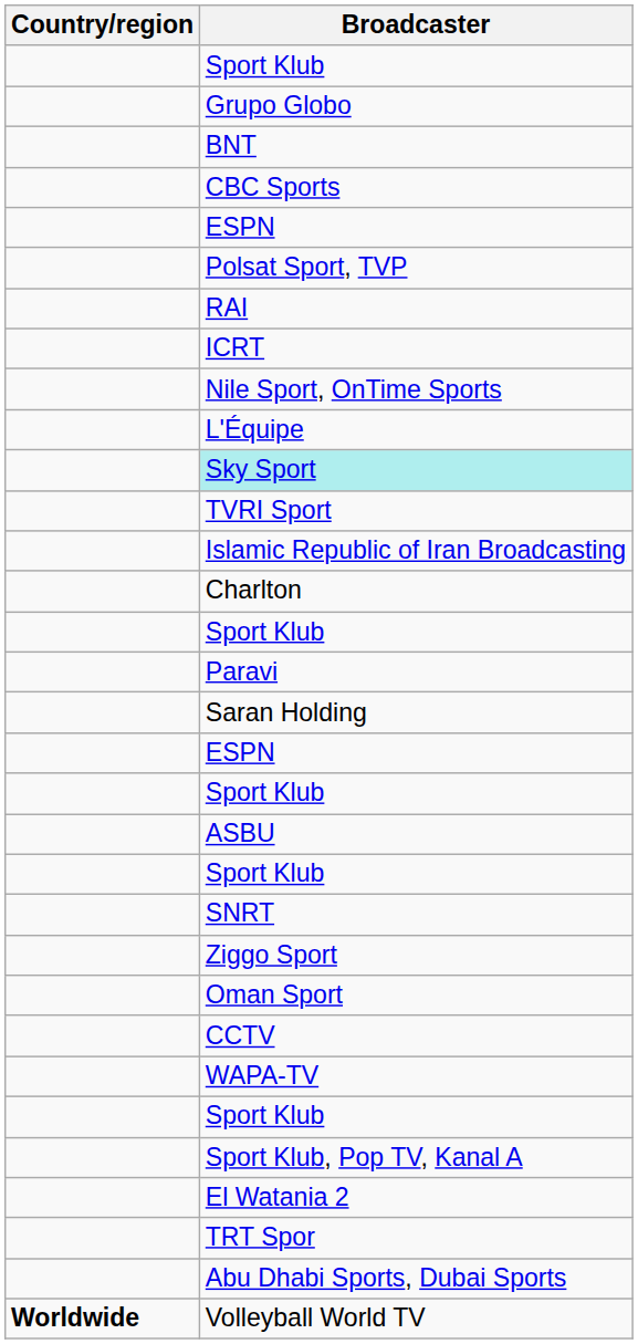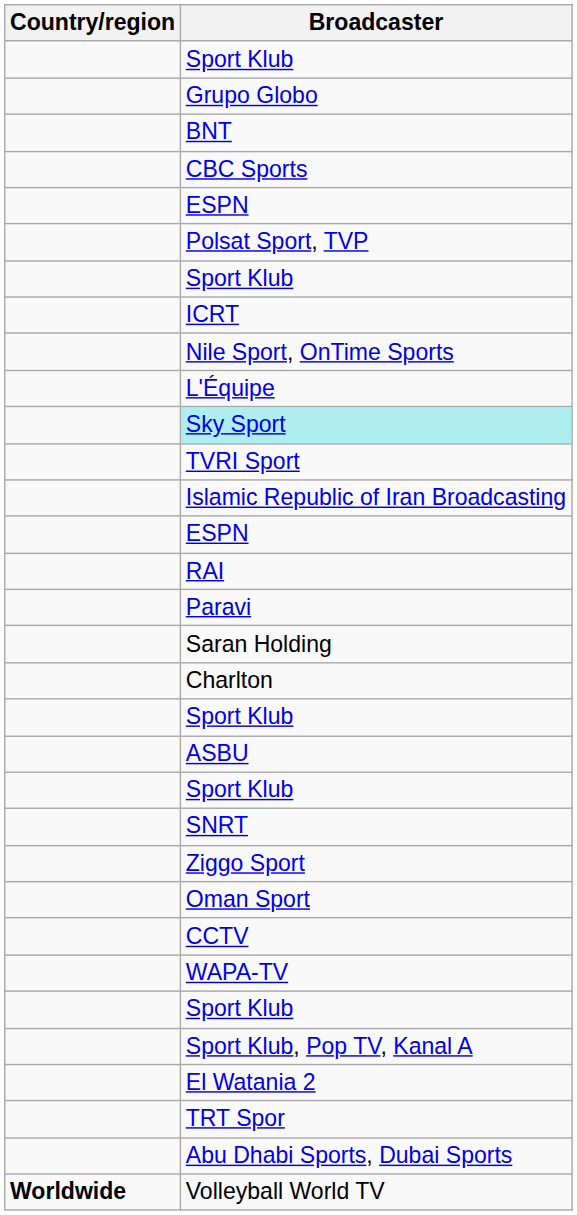 <table class="wikitable sortable" style="text-align:left;">
 <tr>
 <th>Country/region</th>
 <th>Broadcaster</th>
 </tr>
 <tr>
 <td><strong></strong></td>
 <td><a href='#'>Sport Klub</a></td>
 </tr>
 <tr>
 <td><strong></strong></td>
 <td><a href='#'>Grupo Globo</a></td>
 </tr>
 <tr>
 <td><strong></strong></td>
 <td><a href='#'>BNT</a></td>
 </tr>
 <tr>
 <td><strong></strong></td>
 <td><a href='#'>CBC Sports</a></td>
 </tr>
 <tr>
 <td><strong></strong></td>
 <td><a href='#'>ESPN</a></td>
 </tr>
 <tr>
 <td><strong></strong></td>
 <td><a href='#'>Polsat Sport</a>, <a href='#'>TVP</a></td>
 </tr>
 <tr>
 <td><strong></strong></td>
-<td><a href='#'>RAI</a></td>
+<td><a href='#'>Sport Klub</a></td>
 </tr>
 <tr>
 <td><strong></strong></td>
 <td><a href='#'>ICRT</a></td>
 </tr>
 <tr>
 <td><strong></strong></td>
 <td><a href='#'>Nile Sport</a>, <a href='#'>OnTime Sports</a></td>
 </tr>
 <tr>
 <td><strong></strong></td>
 <td><a href='#'>L'Équipe</a></td>
 </tr>
 <tr>
 <td><strong></strong></td>
 <td style="background: paleturquoise;"><a href='#'>Sky Sport</a></td>
 </tr>
 <tr>
 <td><strong></strong></td>
 <td><a href='#'>TVRI Sport</a></td>
 </tr>
 <tr>
 <td><strong></strong></td>
 <td><a href='#'>Islamic Republic of Iran Broadcasting</a></td>
 </tr>
 <tr>
 <td><strong></strong></td>
-<td>Charlton</td>
+<td><a href='#'>ESPN</a></td>
 </tr>
 <tr>
 <td><strong></strong></td>
-<td><a href='#'>Sport Klub</a></td>
+<td><a href='#'>RAI</a></td>
 </tr>
 <tr>
 <td><strong></strong></td>
 <td><a href='#'>Paravi</a></td>
 </tr>
 <tr>
 <td><strong></strong></td>
 <td>Saran Holding</td>
 </tr>
 <tr>
 <td><strong></strong></td>
-<td><a href='#'>ESPN</a></td>
+<td>Charlton</td>
 </tr>
 <tr>
 <td><strong></strong></td>
 <td><a href='#'>Sport Klub</a></td>
 </tr>
 <tr>
 <td><strong></strong></td>
 <td><a href='#'>ASBU</a></td>
 </tr>
 <tr>
 <td><strong></strong></td>
 <td><a href='#'>Sport Klub</a></td>
 </tr>
 <tr>
 <td><strong></strong></td>
 <td><a href='#'>SNRT</a></td>
 </tr>
 <tr>
 <td><strong></strong></td>
 <td><a href='#'>Ziggo Sport</a></td>
 </tr>
 <tr>
 <td><strong></strong></td>
 <td><a href='#'>Oman Sport</a></td>
 </tr>
 <tr>
 <td><strong></strong></td>
 <td><a href='#'>CCTV</a></td>
 </tr>
 <tr>
 <td><strong></strong></td>
 <td><a href='#'>WAPA-TV</a></td>
 </tr>
 <tr>
 <td><strong></strong></td>
 <td><a href='#'>Sport Klub</a></td>
 </tr>
 <tr>
 <td><strong></strong></td>
 <td><a href='#'>Sport Klub</a>, <a href='#'>Pop TV</a>, <a href='#'>Kanal A</a></td>
 </tr>
 <tr>
 <td><strong></strong></td>
 <td><a href='#'>El Watania 2</a></td>
 </tr>
 <tr>
 <td><strong></strong></td>
 <td><a href='#'>TRT Spor</a></td>
 </tr>
 <tr>
 <td><strong></strong></td>
 <td><a href='#'>Abu Dhabi Sports</a>, <a href='#'>Dubai Sports</a></td>
 </tr>
 <tr>
 <td><strong>Worldwide</strong></td>
 <td>Volleyball World TV</td>
 </tr>
 </table>
